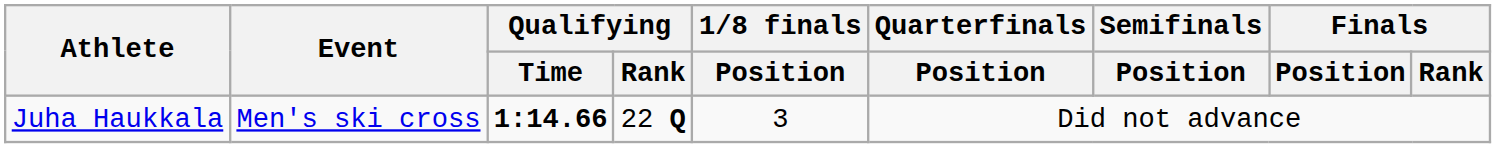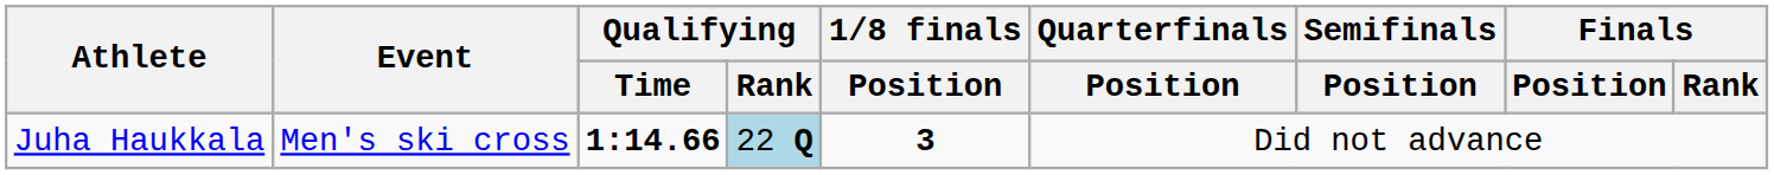 <table class="wikitable" style="font-size:90%">
 <tr>
 <th rowspan="2">Athlete</th>
 <th rowspan="2">Event</th>
 <th colspan="2">Qualifying</th>
 <th>1/8 finals</th>
 <th>Quarterfinals</th>
 <th>Semifinals</th>
 <th colspan=2>Finals</th>
 </tr>
 <tr>
 <th>Time</th>
 <th>Rank</th>
 <th>Position</th>
 <th>Position</th>
 <th>Position</th>
 <th>Position</th>
 <th>Rank</th>
 </tr>
 <tr align=center>
 <td><a href='#'>Juha Haukkala</a></td>
 <td><a href='#'>Men's ski cross</a></td>
 <td><strong>1:14.66</strong></td>
-<td>22 <strong>Q</strong></td>
-<td>3</td>
+<td style="background: lightblue;">22 <strong>Q</strong></td>
+<td><strong>3</strong></td>
 <td colspan=4>Did not advance</td>
 </tr>
 </table>
